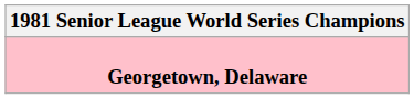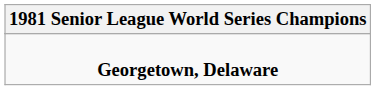 <table class="wikitable" style="text-align: center; margin: 0 auto;">
 <tr>
 <th>1981 Senior League World Series Champions</th>
 </tr>
 <tr>
 </tr>
 <tr>
-<td style="background: pink;"><br><strong>Georgetown, Delaware</strong></td>
+<td><br><strong>Georgetown, Delaware</strong></td>
 </tr>
 </table>
